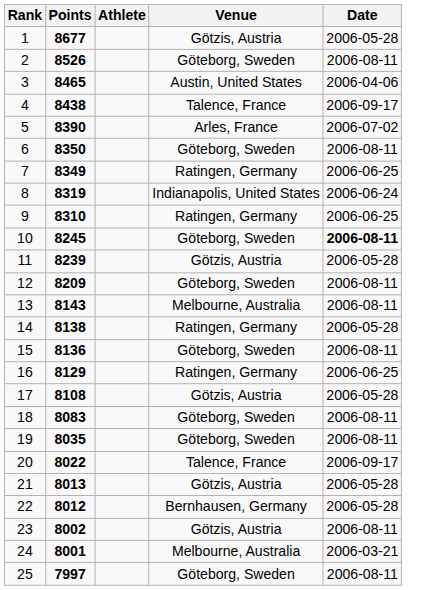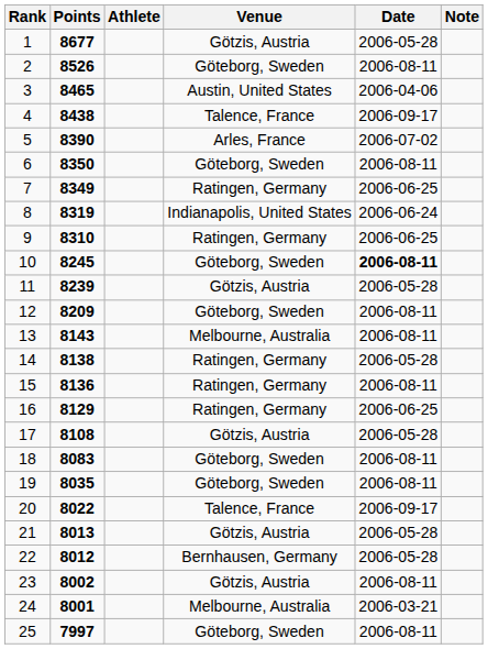 <table class="wikitable" style=" text-align:center;">
 <tr>
 <th>Rank</th>
 <th>Points</th>
 <th>Athlete</th>
 <th>Venue</th>
 <th>Date</th>
+<th>Note</th>
 </tr>
 <tr>
 <td>1</td>
 <td><strong>8677</strong></td>
 <td align=left></td>
 <td>Götzis, Austria</td>
 <td>2006-05-28</td>
+<td></td>
 </tr>
 <tr>
 <td>2</td>
 <td><strong>8526</strong></td>
 <td align=left></td>
 <td>Göteborg, Sweden</td>
 <td>2006-08-11</td>
+<td></td>
 </tr>
 <tr>
 <td>3</td>
 <td><strong>8465</strong></td>
 <td align=left></td>
 <td>Austin, United States</td>
 <td>2006-04-06</td>
+<td></td>
 </tr>
 <tr>
 <td>4</td>
 <td><strong>8438</strong></td>
 <td align=left></td>
 <td>Talence, France</td>
 <td>2006-09-17</td>
+<td></td>
 </tr>
 <tr>
 <td>5</td>
 <td><strong>8390</strong></td>
 <td align=left></td>
 <td>Arles, France</td>
 <td>2006-07-02</td>
+<td></td>
 </tr>
 <tr>
 <td>6</td>
 <td><strong>8350</strong></td>
 <td align=left></td>
 <td>Göteborg, Sweden</td>
 <td>2006-08-11</td>
+<td></td>
 </tr>
 <tr>
 <td>7</td>
 <td><strong>8349</strong></td>
 <td align=left></td>
 <td>Ratingen, Germany</td>
 <td>2006-06-25</td>
+<td></td>
 </tr>
 <tr>
 <td>8</td>
 <td><strong>8319</strong></td>
 <td align=left></td>
 <td>Indianapolis, United States</td>
 <td>2006-06-24</td>
+<td></td>
 </tr>
 <tr>
 <td>9</td>
 <td><strong>8310</strong></td>
 <td align=left></td>
 <td>Ratingen, Germany</td>
 <td>2006-06-25</td>
+<td></td>
 </tr>
 <tr>
 <td>10</td>
 <td><strong>8245</strong></td>
 <td align=left></td>
 <td>Göteborg, Sweden</td>
 <td><strong>2006-08-11</strong></td>
+<td></td>
 </tr>
 <tr>
 <td>11</td>
 <td><strong>8239</strong></td>
 <td align=left></td>
 <td>Götzis, Austria</td>
 <td>2006-05-28</td>
+<td></td>
 </tr>
 <tr>
 <td>12</td>
 <td><strong>8209</strong></td>
 <td align=left></td>
 <td>Göteborg, Sweden</td>
 <td>2006-08-11</td>
+<td></td>
 </tr>
 <tr>
 <td>13</td>
 <td><strong>8143</strong></td>
 <td align=left></td>
 <td>Melbourne, Australia</td>
 <td>2006-08-11</td>
+<td></td>
 </tr>
 <tr>
 <td>14</td>
 <td><strong>8138</strong></td>
 <td align=left></td>
 <td>Ratingen, Germany</td>
 <td>2006-05-28</td>
+<td></td>
 </tr>
 <tr>
 <td>15</td>
 <td><strong>8136</strong></td>
 <td align=left></td>
-<td>Göteborg, Sweden</td>
+<td>Ratingen, Germany</td>
 <td>2006-08-11</td>
+<td></td>
 </tr>
 <tr>
 <td>16</td>
 <td><strong>8129</strong></td>
 <td align=left></td>
 <td>Ratingen, Germany</td>
 <td>2006-06-25</td>
+<td></td>
 </tr>
 <tr>
 <td>17</td>
 <td><strong>8108</strong></td>
 <td align=left></td>
 <td>Götzis, Austria</td>
 <td>2006-05-28</td>
+<td></td>
 </tr>
 <tr>
 <td>18</td>
 <td><strong>8083</strong></td>
 <td align=left></td>
 <td>Göteborg, Sweden</td>
 <td>2006-08-11</td>
+<td></td>
 </tr>
 <tr>
 <td>19</td>
 <td><strong>8035</strong></td>
 <td align=left></td>
 <td>Göteborg, Sweden</td>
 <td>2006-08-11</td>
+<td></td>
 </tr>
 <tr>
 <td>20</td>
 <td><strong>8022</strong></td>
 <td align=left></td>
 <td>Talence, France</td>
 <td>2006-09-17</td>
+<td></td>
 </tr>
 <tr>
 <td>21</td>
 <td><strong>8013</strong></td>
 <td align=left></td>
 <td>Götzis, Austria</td>
 <td>2006-05-28</td>
+<td></td>
 </tr>
 <tr>
 <td>22</td>
 <td><strong>8012</strong></td>
 <td align=left></td>
 <td>Bernhausen, Germany</td>
 <td>2006-05-28</td>
+<td></td>
 </tr>
 <tr>
 <td>23</td>
 <td><strong>8002</strong></td>
 <td align=left></td>
 <td>Götzis, Austria</td>
 <td>2006-08-11</td>
+<td></td>
 </tr>
 <tr>
 <td>24</td>
 <td><strong>8001</strong></td>
 <td align=left></td>
 <td>Melbourne, Australia</td>
 <td>2006-03-21</td>
+<td></td>
 </tr>
 <tr>
 <td>25</td>
 <td><strong>7997</strong></td>
 <td align=left></td>
 <td>Göteborg, Sweden</td>
 <td>2006-08-11</td>
+<td></td>
 </tr>
 </table>
